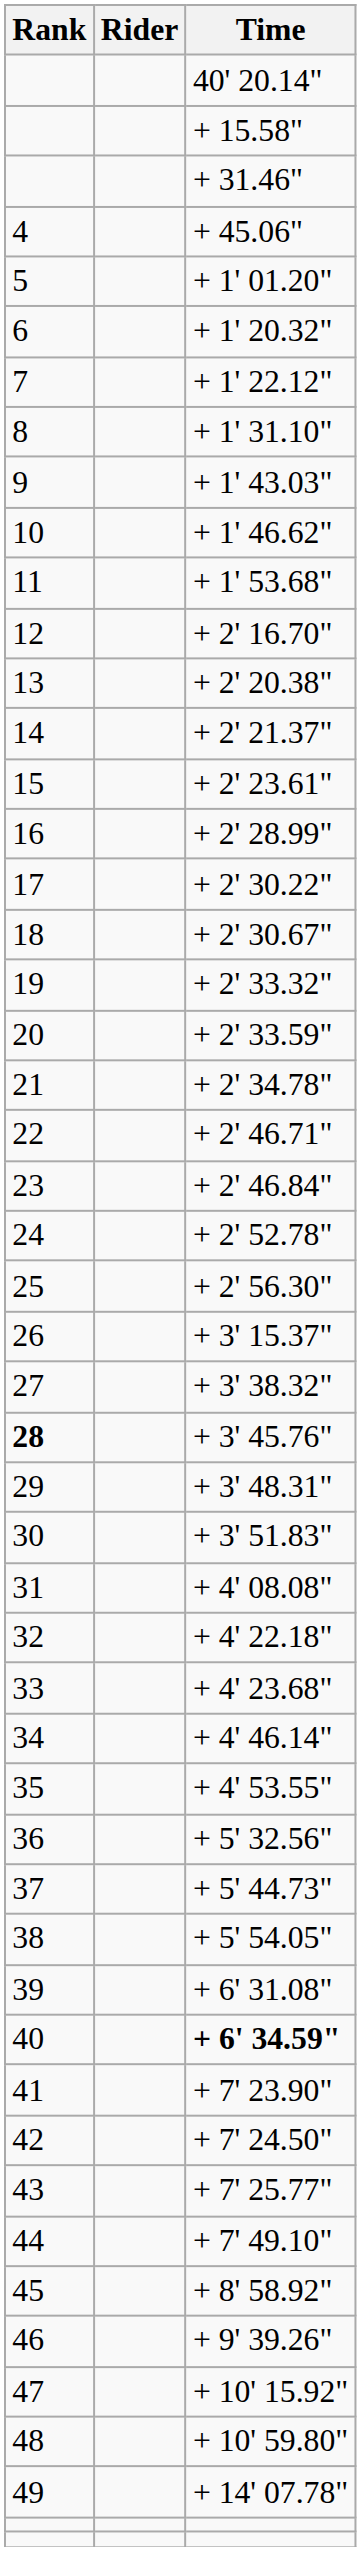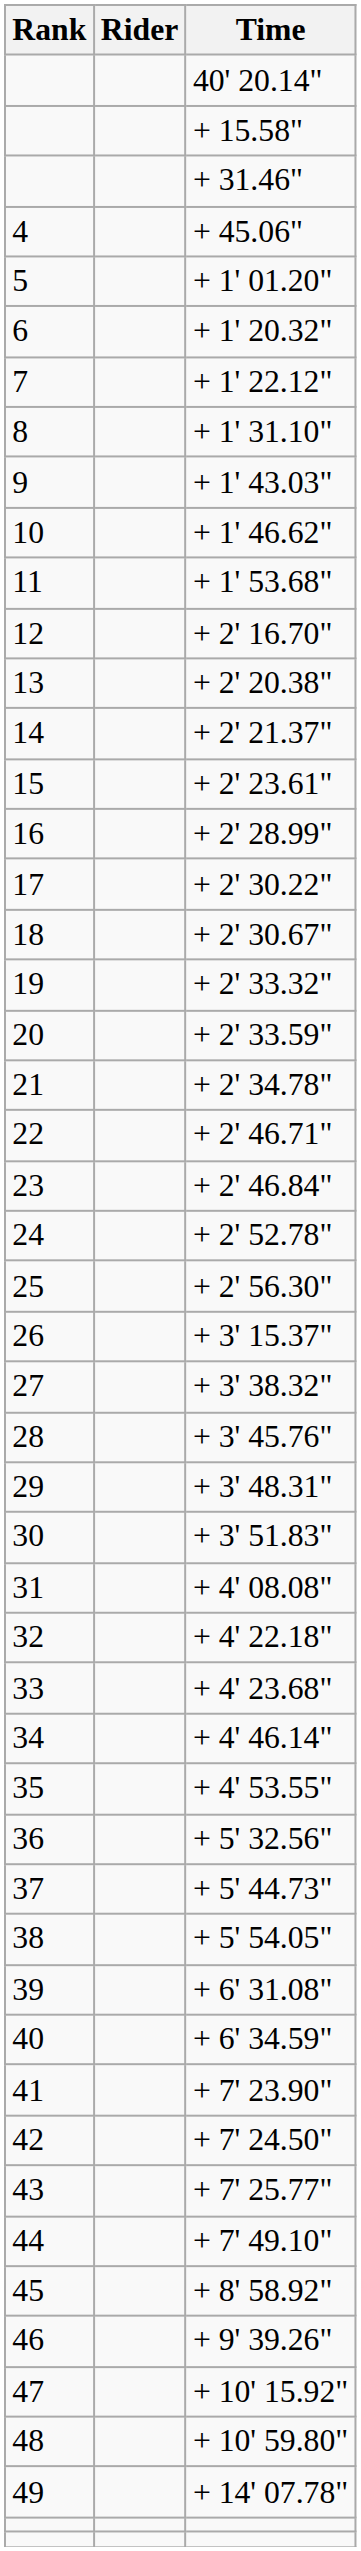 <table class="wikitable sortable">
 <tr>
 <th>Rank</th>
 <th>Rider</th>
 <th>Time</th>
 </tr>
 <tr>
 <td></td>
 <td></td>
 <td>40' 20.14"</td>
 </tr>
 <tr>
 <td></td>
 <td></td>
 <td>+ 15.58"</td>
 </tr>
 <tr>
 <td></td>
 <td></td>
 <td>+ 31.46"</td>
 </tr>
 <tr>
 <td>4</td>
 <td></td>
 <td>+ 45.06"</td>
 </tr>
 <tr>
 <td>5</td>
 <td></td>
 <td>+ 1' 01.20"</td>
 </tr>
 <tr>
 <td>6</td>
 <td></td>
 <td>+ 1' 20.32"</td>
 </tr>
 <tr>
 <td>7</td>
 <td></td>
 <td>+ 1' 22.12"</td>
 </tr>
 <tr>
 <td>8</td>
 <td></td>
 <td>+ 1' 31.10"</td>
 </tr>
 <tr>
 <td>9</td>
 <td></td>
 <td>+ 1' 43.03"</td>
 </tr>
 <tr>
 <td>10</td>
 <td></td>
 <td>+ 1' 46.62"</td>
 </tr>
 <tr>
 <td>11</td>
 <td></td>
 <td>+ 1' 53.68"</td>
 </tr>
 <tr>
 <td>12</td>
 <td></td>
 <td>+ 2' 16.70"</td>
 </tr>
 <tr>
 <td>13</td>
 <td></td>
 <td>+ 2' 20.38"</td>
 </tr>
 <tr>
 <td>14</td>
 <td></td>
 <td>+ 2' 21.37"</td>
 </tr>
 <tr>
 <td>15</td>
 <td></td>
 <td>+ 2' 23.61"</td>
 </tr>
 <tr>
 <td>16</td>
 <td></td>
 <td>+ 2' 28.99"</td>
 </tr>
 <tr>
 <td>17</td>
 <td></td>
 <td>+ 2' 30.22"</td>
 </tr>
 <tr>
 <td>18</td>
 <td></td>
 <td>+ 2' 30.67"</td>
 </tr>
 <tr>
 <td>19</td>
 <td></td>
 <td>+ 2' 33.32"</td>
 </tr>
 <tr>
 <td>20</td>
 <td></td>
 <td>+ 2' 33.59"</td>
 </tr>
 <tr>
 <td>21</td>
 <td></td>
 <td>+ 2' 34.78"</td>
 </tr>
 <tr>
 <td>22</td>
 <td></td>
 <td>+ 2' 46.71"</td>
 </tr>
 <tr>
 <td>23</td>
 <td></td>
 <td>+ 2' 46.84"</td>
 </tr>
 <tr>
 <td>24</td>
 <td></td>
 <td>+ 2' 52.78"</td>
 </tr>
 <tr>
 <td>25</td>
 <td></td>
 <td>+ 2' 56.30"</td>
 </tr>
 <tr>
 <td>26</td>
 <td></td>
 <td>+ 3' 15.37"</td>
 </tr>
 <tr>
 <td>27</td>
 <td></td>
 <td>+ 3' 38.32"</td>
 </tr>
 <tr>
-<td><strong>28</strong></td>
+<td>28</td>
 <td></td>
 <td>+ 3' 45.76"</td>
 </tr>
 <tr>
 <td>29</td>
 <td></td>
 <td>+ 3' 48.31"</td>
 </tr>
 <tr>
 <td>30</td>
 <td></td>
 <td>+ 3' 51.83"</td>
 </tr>
 <tr>
 <td>31</td>
 <td></td>
 <td>+ 4' 08.08"</td>
 </tr>
 <tr>
 <td>32</td>
 <td></td>
 <td>+ 4' 22.18"</td>
 </tr>
 <tr>
 <td>33</td>
 <td></td>
 <td>+ 4' 23.68"</td>
 </tr>
 <tr>
 <td>34</td>
 <td></td>
 <td>+ 4' 46.14"</td>
 </tr>
 <tr>
 <td>35</td>
 <td></td>
 <td>+ 4' 53.55"</td>
 </tr>
 <tr>
 <td>36</td>
 <td></td>
 <td>+ 5' 32.56"</td>
 </tr>
 <tr>
 <td>37</td>
 <td></td>
 <td>+ 5' 44.73"</td>
 </tr>
 <tr>
 <td>38</td>
 <td></td>
 <td>+ 5' 54.05"</td>
 </tr>
 <tr>
 <td>39</td>
 <td></td>
 <td>+ 6' 31.08"</td>
 </tr>
 <tr>
 <td>40</td>
 <td></td>
-<td><strong>+ 6' 34.59"</strong></td>
+<td>+ 6' 34.59"</td>
 </tr>
 <tr>
 <td>41</td>
 <td></td>
 <td>+ 7' 23.90"</td>
 </tr>
 <tr>
 <td>42</td>
 <td></td>
 <td>+ 7' 24.50"</td>
 </tr>
 <tr>
 <td>43</td>
 <td></td>
 <td>+ 7' 25.77"</td>
 </tr>
 <tr>
 <td>44</td>
 <td></td>
 <td>+ 7' 49.10"</td>
 </tr>
 <tr>
 <td>45</td>
 <td></td>
 <td>+ 8' 58.92"</td>
 </tr>
 <tr>
 <td>46</td>
 <td></td>
 <td>+ 9' 39.26"</td>
 </tr>
 <tr>
 <td>47</td>
 <td></td>
 <td>+ 10' 15.92"</td>
 </tr>
 <tr>
 <td>48</td>
 <td></td>
 <td>+ 10' 59.80"</td>
 </tr>
 <tr>
 <td>49</td>
 <td></td>
 <td>+ 14' 07.78"</td>
 </tr>
 <tr>
 <td></td>
 <td></td>
 <td></td>
 </tr>
 <tr>
 <td></td>
 <td></td>
 <td></td>
 </tr>
 </table>
